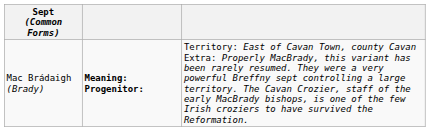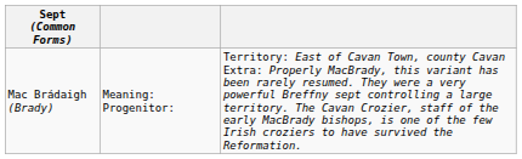 <table class="wikitable">
 <tr>
 <th width="160"><strong>Sept</strong><br><strong><em>(Common Forms)</em></strong></th>
 <th width="200"></th>
 <th width="650"></th>
 </tr>
 <tr>
 <td>Mac Brádaigh<br><em>(Brady)</em></td>
-<td><strong>Meaning:<br>Progenitor:</strong></td>
+<td>Meaning:<br>Progenitor:</td>
 <td>Territory: <em>East of Cavan Town, county Cavan</em><br>Extra: <em>Properly MacBrady, this variant has been rarely resumed. They were a very powerful Breffny sept controlling a large territory. The Cavan Crozier, staff of the early MacBrady bishops, is one of the few Irish croziers to have survived the Reformation.</em></td>
 </tr>
 </table>
